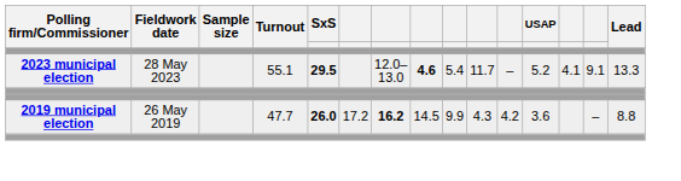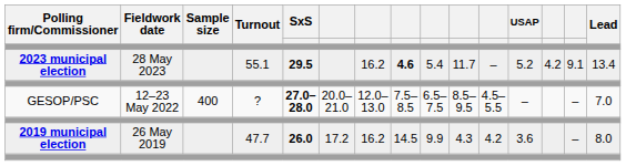 <table class="wikitable collapsible collapsed" style="text-align:center; font-size:95%; line-height:16px;">
 <tr style="height:42px;">
 <th style="width:250px;" rowspan="2">Polling firm/Commissioner</th>
 <th style="width:125px;" rowspan="2">Fieldwork date</th>
 <th style="width:50px;" rowspan="2">Sample size</th>
 <th style="width:45px;" rowspan="2">Turnout</th>
 <th style="width:35px;">SxS</th>
 <th style="width:35px;"></th>
 <th style="width:35px;"></th>
 <th style="width:35px;"></th>
 <th style="width:35px;"></th>
 <th style="width:35px;"></th>
 <th style="width:35px;"></th>
 <th style="width:35px; font-size:85%;">USAP</th>
 <th style="width:35px;"><br></th>
 <th style="width:35px;"></th>
 <th style="width:30px;" rowspan="2">Lead</th>
 </tr>
 <tr>
 <th style="color:inherit;background:"></th>
 <th style="color:inherit;background:"></th>
 <th style="color:inherit;background:"></th>
 <th style="color:inherit;background:"></th>
 <th style="color:inherit;background:"></th>
 <th style="color:inherit;background:"></th>
 <th style="color:inherit;background:"></th>
 <th style="color:inherit;background:"></th>
 <th style="color:inherit;background:"></th>
 <th style="color:inherit;background:"></th>
 </tr>
 <tr>
 <td colspan="15" style="background:#A0A0A0"></td>
 </tr>
 <tr style="background:#EFEFEF;">
 <td><strong><a href='#'>2023 municipal election</a></strong></td>
 <td>28 May 2023</td>
 <td></td>
 <td>55.1</td>
 <td><strong>29.5</strong><br></td>
 <td></td>
-<td>12.0–<br>13.0<br></td>
+<td>16.2<br></td>
 <td><strong>4.6<br></strong></td>
 <td>5.4<br></td>
 <td>11.7<br></td>
 <td>–</td>
 <td>5.2<br></td>
-<td>4.1<br></td>
+<td>4.2<br></td>
 <td>9.1<br></td>
-<td style="background:">13.3</td>
+<td style="background:">13.4</td>
 </tr>
 <tr>
 <td colspan="15" style="background:#A0A0A0"></td>
+</tr>
+<tr>
+<td>GESOP/PSC</td>
+<td>12–23 May 2022</td>
+<td>400</td>
+<td>?</td>
+<td><strong>27.0–<br>28.0</strong><br></td>
+<td>20.0–<br>21.0<br></td>
+<td>12.0–<br>13.0<br></td>
+<td>7.5–<br>8.5<br></td>
+<td>6.5–<br>7.5<br></td>
+<td>8.5–<br>9.5<br></td>
+<td>4.5–<br>5.5<br></td>
+<td>–</td>
+<td></td>
+<td>–</td>
+<td style="background:">7.0</td>
 </tr>
 <tr>
 <td colspan="15" style="background:#A0A0A0"></td>
 </tr>
 <tr style="background:#EFEFEF;">
 <td><strong><a href='#'>2019 municipal election</a></strong></td>
 <td>26 May 2019</td>
 <td></td>
 <td>47.7</td>
 <td><strong>26.0</strong><br></td>
 <td>17.2<br></td>
-<td><strong>16.2<br></strong></td>
+<td>16.2<br></td>
 <td>14.5<br></td>
 <td>9.9<br></td>
 <td>4.3<br></td>
 <td>4.2<br></td>
 <td>3.6<br></td>
 <td></td>
 <td>–</td>
-<td style="background:">8.8</td>
+<td style="background:">8.0</td>
 </tr>
 <tr>
 <td colspan="15" style="background:#A0A0A0"></td>
 </tr>
 </table>
